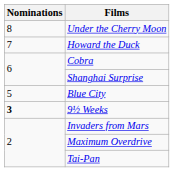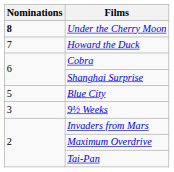 <table class="wikitable">
 <tr>
 <th>Nominations</th>
 <th>Films</th>
 </tr>
 <tr>
-<td>8</td>
+<td><strong>8</strong></td>
 <td><em><a href='#'>Under the Cherry Moon</a></em></td>
 </tr>
 <tr>
 <td>7</td>
 <td><a href='#'><em>Howard the Duck</em></a></td>
 </tr>
 <tr>
 <td rowspan="2">6</td>
 <td><a href='#'><em>Cobra</em></a></td>
 </tr>
 <tr>
 <td><em><a href='#'>Shanghai Surprise</a></em></td>
 </tr>
 <tr>
 <td>5</td>
 <td><a href='#'><em>Blue City</em></a></td>
 </tr>
 <tr>
-<td><strong>3</strong></td>
+<td>3</td>
 <td><em><a href='#'>9½ Weeks</a></em></td>
 </tr>
 <tr>
 <td rowspan="3">2</td>
 <td><a href='#'><em>Invaders from Mars</em></a></td>
 </tr>
 <tr>
 <td><em><a href='#'>Maximum Overdrive</a></em></td>
 </tr>
 <tr>
 <td><a href='#'><em>Tai-Pan</em></a></td>
 </tr>
 </table>
